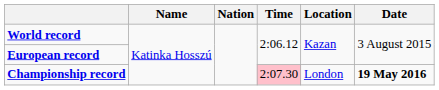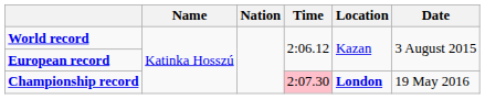 <table class=wikitable>
 <tr>
 <th></th>
 <th>Name</th>
 <th>Nation</th>
 <th>Time</th>
 <th>Location</th>
 <th>Date</th>
 </tr>
 <tr>
 <td><strong><a href='#'>World record</a></strong></td>
 <td rowspan=3><a href='#'>Katinka Hosszú</a></td>
 <td rowspan=3></td>
 <td rowspan=2>2:06.12</td>
 <td rowspan=2><a href='#'>Kazan</a></td>
 <td rowspan=2>3 August 2015</td>
 </tr>
 <tr>
 <td><strong><a href='#'>European record</a></strong></td>
 </tr>
 <tr>
 <td><strong><a href='#'>Championship record</a></strong></td>
 <td style="background: pink;">2:07.30</td>
-<td><a href='#'>London</a></td>
-<td><strong>19 May 2016</strong></td>
+<td><strong><a href='#'>London</a></strong></td>
+<td>19 May 2016</td>
 </tr>
 </table>
